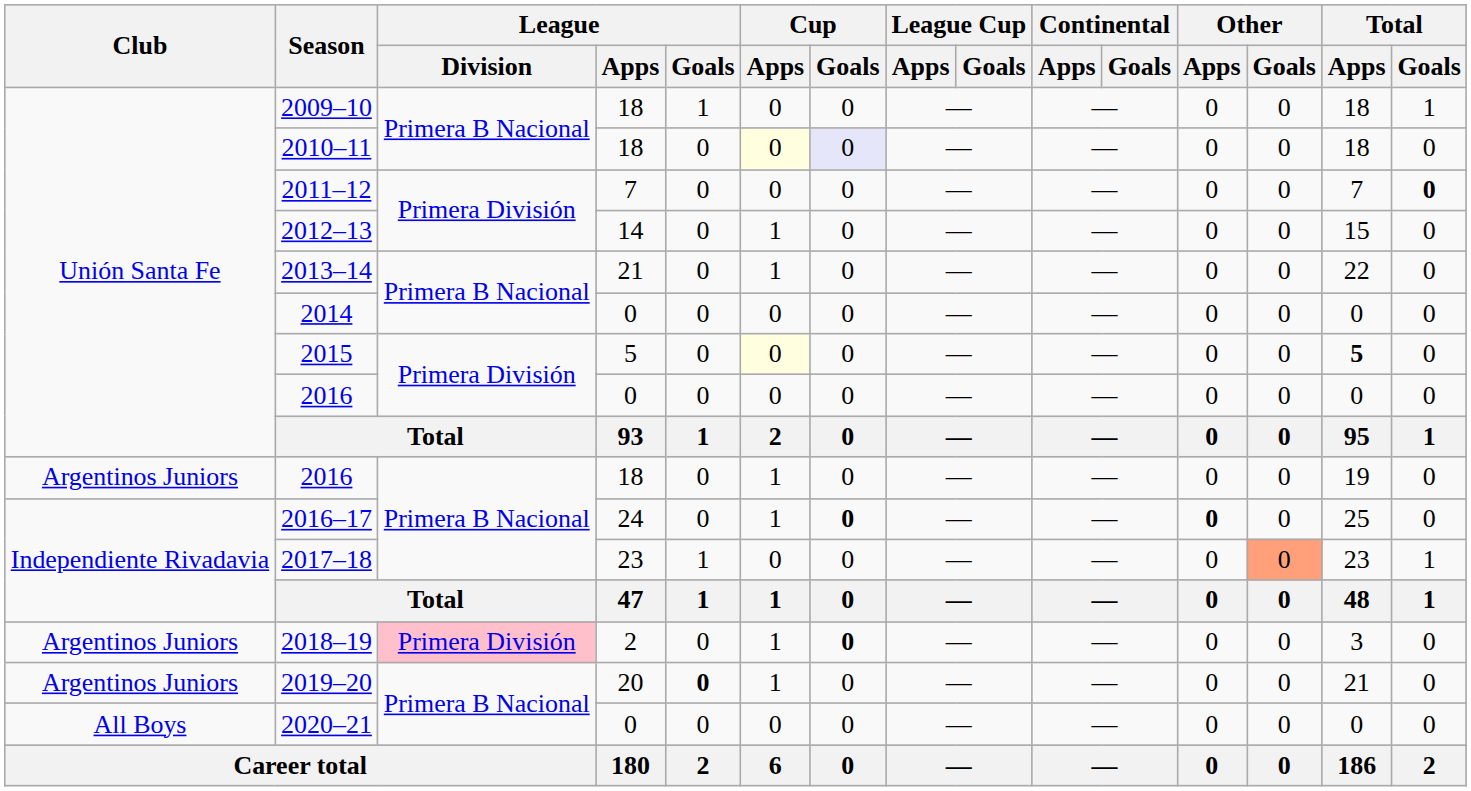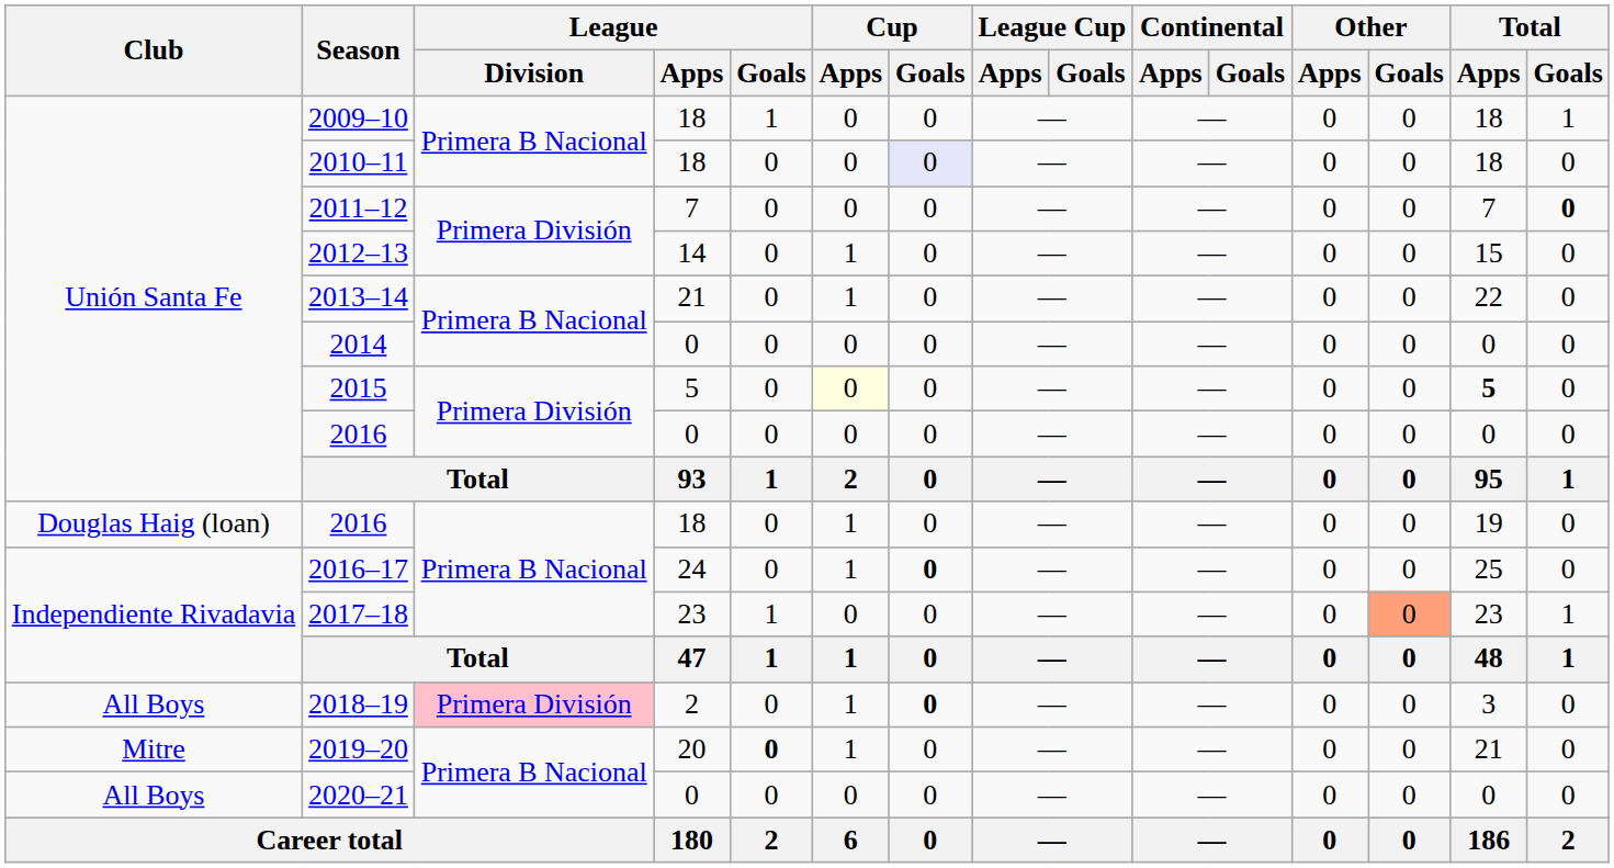 <table class="wikitable" style="text-align:center">
 <tr>
 <th rowspan="2">Club</th>
 <th rowspan="2">Season</th>
 <th colspan="3">League</th>
 <th colspan="2">Cup</th>
 <th colspan="2">League Cup</th>
 <th colspan="2">Continental</th>
 <th colspan="2">Other</th>
 <th colspan="2">Total</th>
 </tr>
 <tr>
 <th>Division</th>
 <th>Apps</th>
 <th>Goals</th>
 <th>Apps</th>
 <th>Goals</th>
 <th>Apps</th>
 <th>Goals</th>
 <th>Apps</th>
 <th>Goals</th>
 <th>Apps</th>
 <th>Goals</th>
 <th>Apps</th>
 <th>Goals</th>
 </tr>
 <tr>
 <td rowspan="9"><a href='#'>Unión Santa Fe</a></td>
 <td><a href='#'>2009–10</a></td>
 <td rowspan="2"><a href='#'>Primera B Nacional</a></td>
 <td>18</td>
 <td>1</td>
 <td>0</td>
 <td>0</td>
 <td colspan="2">—</td>
 <td colspan="2">—</td>
 <td>0</td>
 <td>0</td>
 <td>18</td>
 <td>1</td>
 </tr>
 <tr>
 <td><a href='#'>2010–11</a></td>
 <td>18</td>
 <td>0</td>
-<td style="background: lightyellow;">0</td>
+<td>0</td>
 <td style="background: lavender;">0</td>
 <td colspan="2">—</td>
 <td colspan="2">—</td>
 <td>0</td>
 <td>0</td>
 <td>18</td>
 <td>0</td>
 </tr>
 <tr>
 <td><a href='#'>2011–12</a></td>
 <td rowspan="2"><a href='#'>Primera División</a></td>
 <td>7</td>
 <td>0</td>
 <td>0</td>
 <td>0</td>
 <td colspan="2">—</td>
 <td colspan="2">—</td>
 <td>0</td>
 <td>0</td>
 <td>7</td>
 <td><strong>0</strong></td>
 </tr>
 <tr>
 <td><a href='#'>2012–13</a></td>
 <td>14</td>
 <td>0</td>
 <td>1</td>
 <td>0</td>
 <td colspan="2">—</td>
 <td colspan="2">—</td>
 <td>0</td>
 <td>0</td>
 <td>15</td>
 <td>0</td>
 </tr>
 <tr>
 <td><a href='#'>2013–14</a></td>
 <td rowspan="2"><a href='#'>Primera B Nacional</a></td>
 <td>21</td>
 <td>0</td>
 <td>1</td>
 <td>0</td>
 <td colspan="2">—</td>
 <td colspan="2">—</td>
 <td>0</td>
 <td>0</td>
 <td>22</td>
 <td>0</td>
 </tr>
 <tr>
 <td><a href='#'>2014</a></td>
 <td>0</td>
 <td>0</td>
 <td>0</td>
 <td>0</td>
 <td colspan="2">—</td>
 <td colspan="2">—</td>
 <td>0</td>
 <td>0</td>
 <td>0</td>
 <td>0</td>
 </tr>
 <tr>
 <td><a href='#'>2015</a></td>
 <td rowspan="2"><a href='#'>Primera División</a></td>
 <td>5</td>
 <td>0</td>
 <td style="background: lightyellow;">0</td>
 <td>0</td>
 <td colspan="2">—</td>
 <td colspan="2">—</td>
 <td>0</td>
 <td>0</td>
 <td><strong>5</strong></td>
 <td>0</td>
 </tr>
 <tr>
 <td><a href='#'>2016</a></td>
 <td>0</td>
 <td>0</td>
 <td>0</td>
 <td>0</td>
 <td colspan="2">—</td>
 <td colspan="2">—</td>
 <td>0</td>
 <td>0</td>
 <td>0</td>
 <td>0</td>
 </tr>
 <tr>
 <th colspan="2">Total</th>
 <th>93</th>
 <th>1</th>
 <th>2</th>
 <th>0</th>
 <th colspan="2">—</th>
 <th colspan="2">—</th>
 <th>0</th>
 <th>0</th>
 <th>95</th>
 <th>1</th>
 </tr>
 <tr>
-<td rowspan="1"><a href='#'>Argentinos Juniors</a></td>
+<td rowspan="1"><a href='#'>Douglas Haig</a> (loan)</td>
 <td><a href='#'>2016</a></td>
 <td rowspan="3"><a href='#'>Primera B Nacional</a></td>
 <td>18</td>
 <td>0</td>
 <td>1</td>
 <td>0</td>
 <td colspan="2">—</td>
 <td colspan="2">—</td>
 <td>0</td>
 <td>0</td>
 <td>19</td>
 <td>0</td>
 </tr>
 <tr>
 <td rowspan="3"><a href='#'>Independiente Rivadavia</a></td>
 <td><a href='#'>2016–17</a></td>
 <td>24</td>
 <td>0</td>
 <td>1</td>
 <td><strong>0</strong></td>
 <td colspan="2">—</td>
 <td colspan="2">—</td>
-<td><strong>0</strong></td>
+<td>0</td>
 <td>0</td>
 <td>25</td>
 <td>0</td>
 </tr>
 <tr>
 <td><a href='#'>2017–18</a></td>
 <td>23</td>
 <td>1</td>
 <td>0</td>
 <td>0</td>
 <td colspan="2">—</td>
 <td colspan="2">—</td>
 <td>0</td>
 <td style="background: lightsalmon;">0</td>
 <td>23</td>
 <td>1</td>
 </tr>
 <tr>
 <th colspan="2">Total</th>
 <th>47</th>
 <th>1</th>
 <th>1</th>
 <th>0</th>
 <th colspan="2">—</th>
 <th colspan="2">—</th>
 <th>0</th>
 <th>0</th>
 <th>48</th>
 <th>1</th>
 </tr>
 <tr>
-<td rowspan="1"><a href='#'>Argentinos Juniors</a></td>
+<td rowspan="1"><a href='#'>All Boys</a></td>
 <td><a href='#'>2018–19</a></td>
 <td rowspan="1" style="background: pink;"><a href='#'>Primera División</a></td>
 <td>2</td>
 <td>0</td>
 <td>1</td>
 <td><strong>0</strong></td>
 <td colspan="2">—</td>
 <td colspan="2">—</td>
 <td>0</td>
 <td>0</td>
 <td>3</td>
 <td>0</td>
 </tr>
 <tr>
-<td rowspan="1"><a href='#'>Argentinos Juniors</a></td>
+<td rowspan="1"><a href='#'>Mitre</a></td>
 <td><a href='#'>2019–20</a></td>
 <td rowspan="2"><a href='#'>Primera B Nacional</a></td>
 <td>20</td>
 <td><strong>0</strong></td>
 <td>1</td>
 <td>0</td>
 <td colspan="2">—</td>
 <td colspan="2">—</td>
 <td>0</td>
 <td>0</td>
 <td>21</td>
 <td>0</td>
 </tr>
 <tr>
 <td rowspan="1"><a href='#'>All Boys</a></td>
 <td><a href='#'>2020–21</a></td>
 <td>0</td>
 <td>0</td>
 <td>0</td>
 <td>0</td>
 <td colspan="2">—</td>
 <td colspan="2">—</td>
 <td>0</td>
 <td>0</td>
 <td>0</td>
 <td>0</td>
 </tr>
 <tr>
 <th colspan="3">Career total</th>
 <th>180</th>
 <th>2</th>
 <th>6</th>
 <th>0</th>
 <th colspan="2">—</th>
 <th colspan="2">—</th>
 <th>0</th>
 <th>0</th>
 <th>186</th>
 <th>2</th>
 </tr>
 </table>
